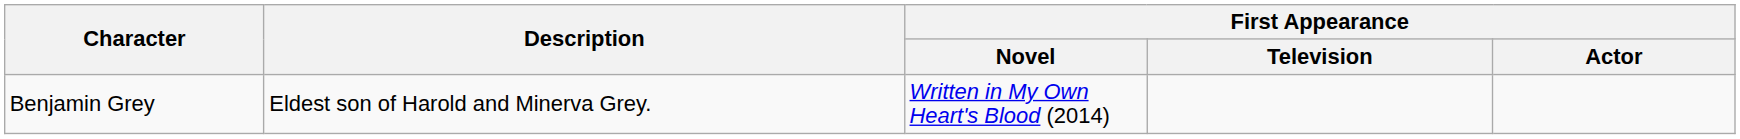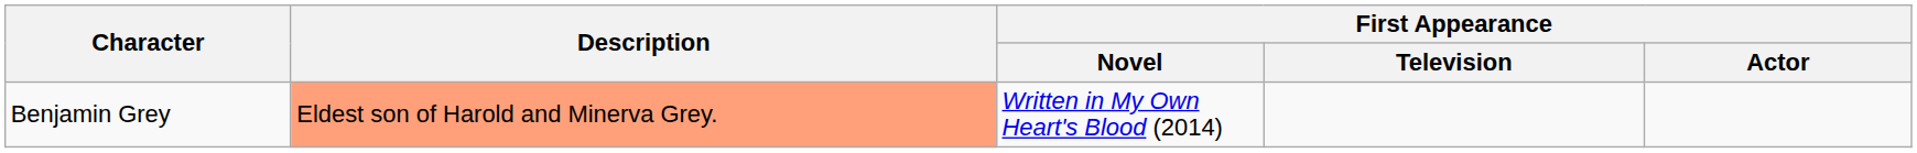 <table class="wikitable plainrowheaders" width="100%">
 <tr>
 <th rowspan="2" style="width:15%;">Character</th>
 <th rowspan="2" class="unsortable">Description</th>
 <th colspan="3">First Appearance</th>
 </tr>
 <tr>
 <th style="width:14%;">Novel</th>
 <th style="width:20%;">Television</th>
 <th style="width:14%;">Actor</th>
 </tr>
 <tr>
 <td>Benjamin Grey</td>
-<td>Eldest son of Harold and Minerva Grey.</td>
+<td style="background: lightsalmon;">Eldest son of Harold and Minerva Grey.</td>
 <td><em><a href='#'>Written in My Own Heart's Blood</a></em> (2014) <br> </td>
 <td></td>
 <td></td>
 </tr>
 </table>
